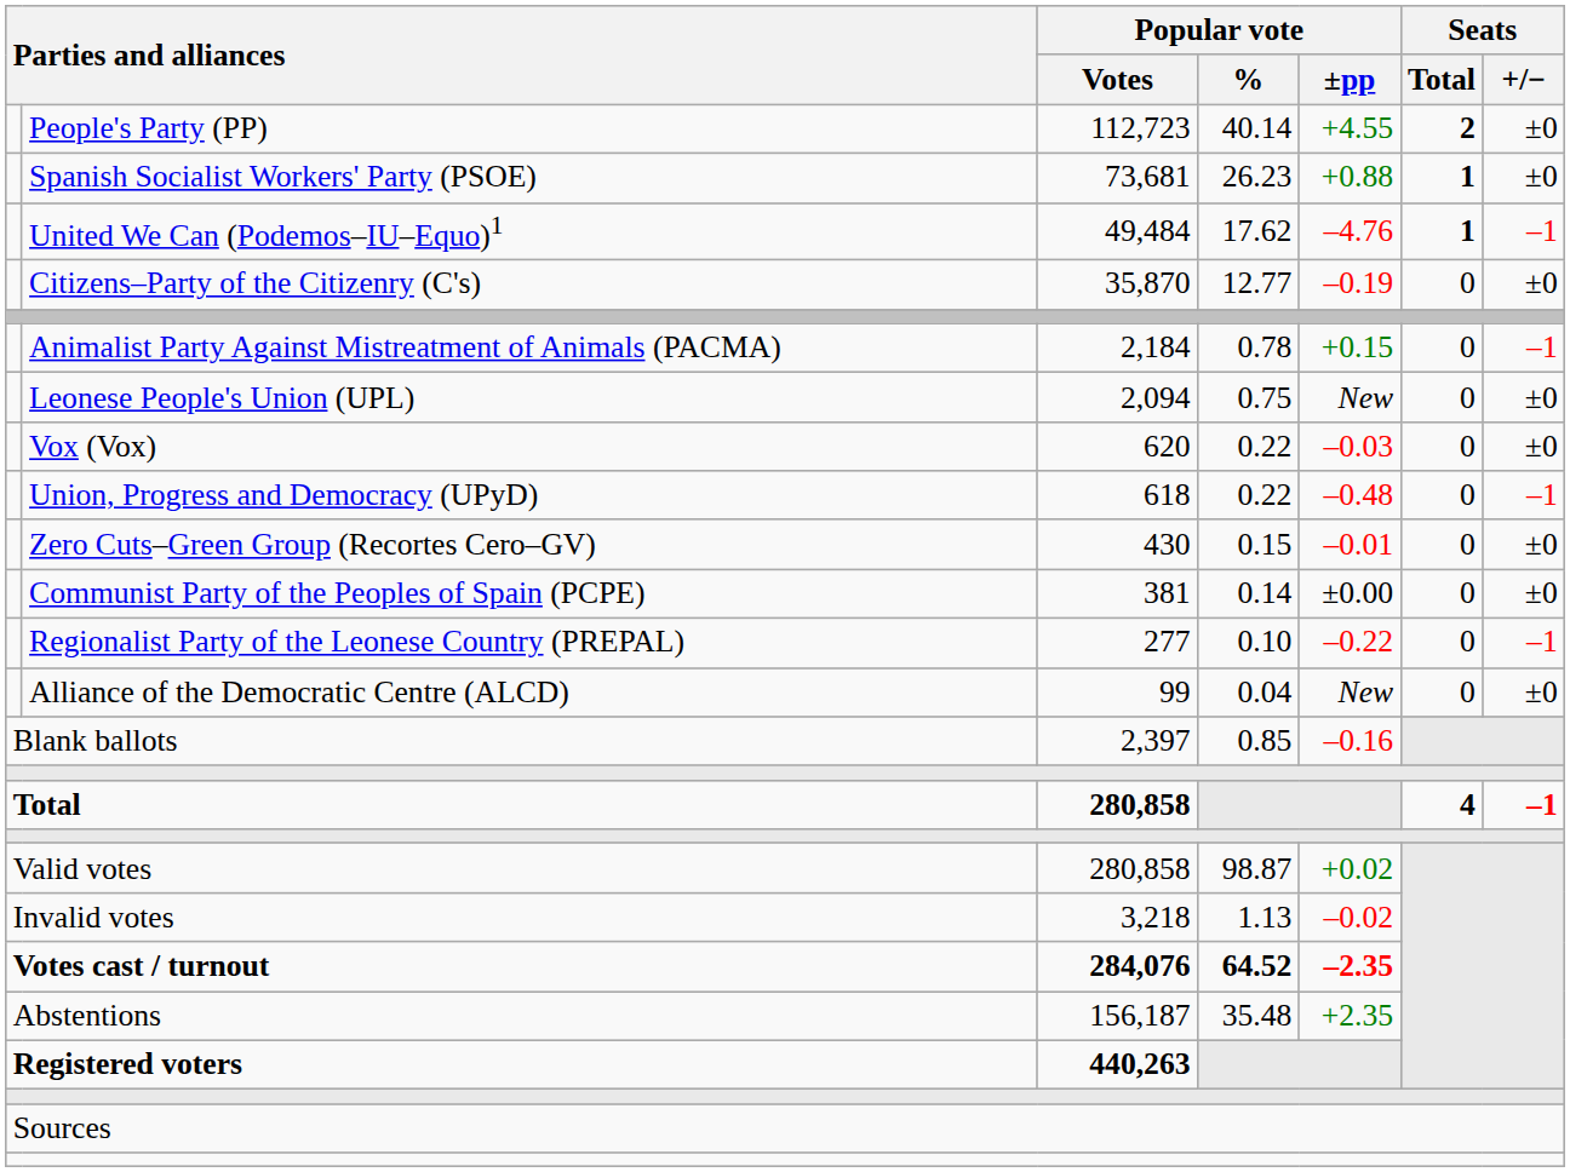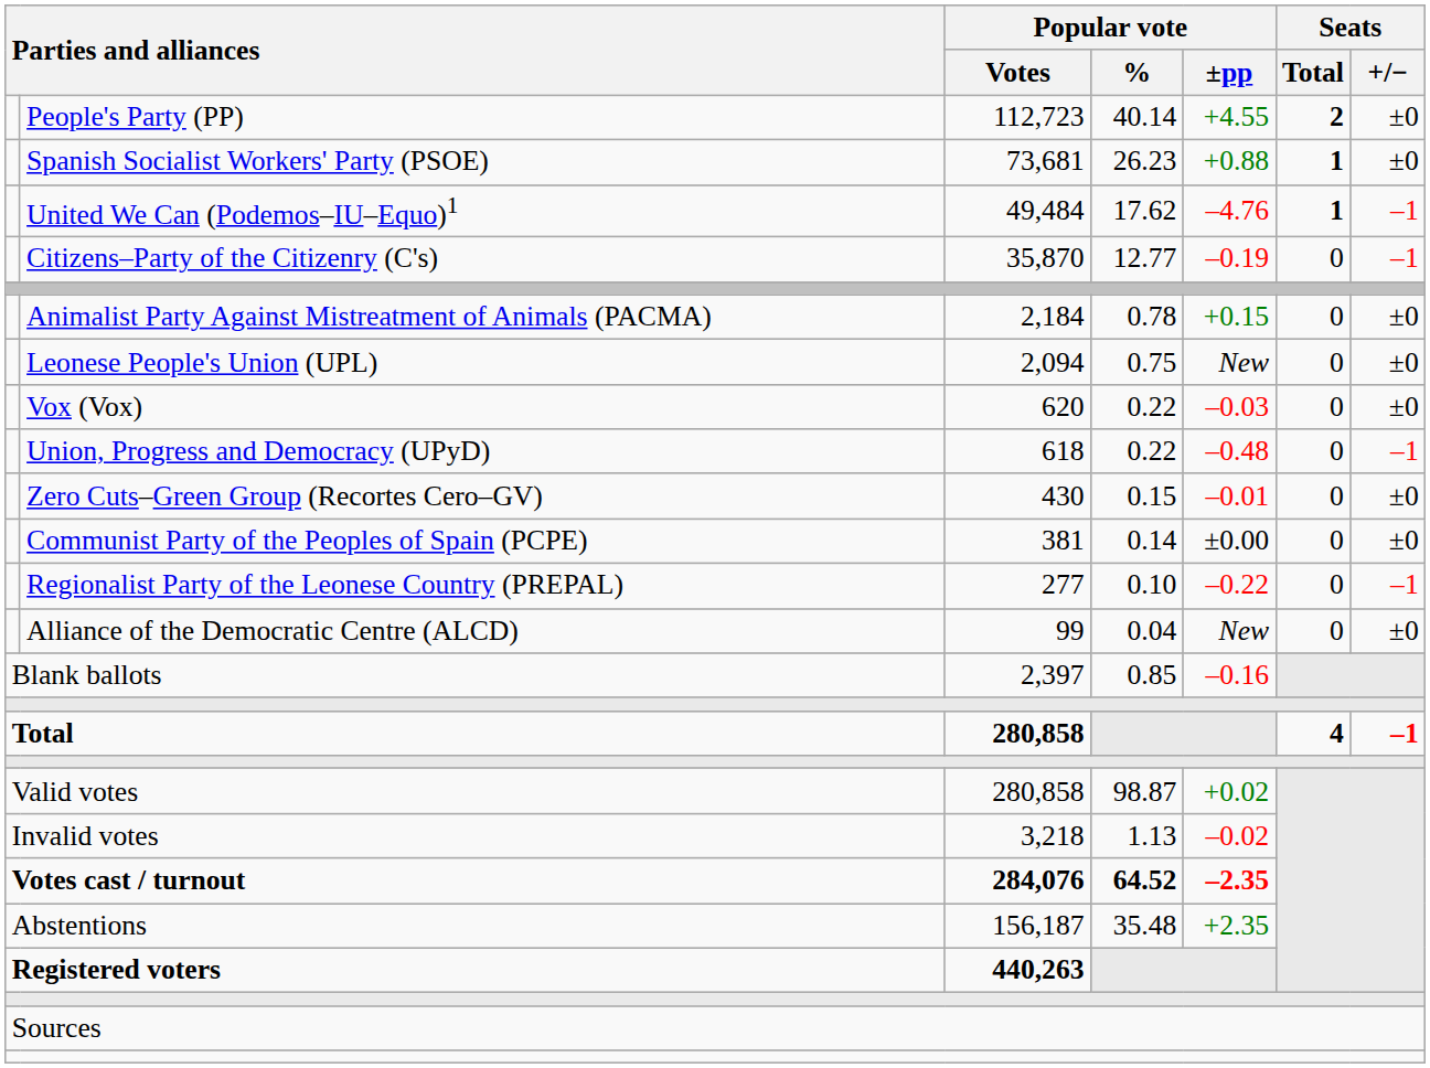 <table class="wikitable" style="text-align:right;">
 <tr>
 <th style="text-align:left;" rowspan="2" colspan="2" width="525">Parties and alliances</th>
 <th colspan="3">Popular vote</th>
 <th colspan="2">Seats</th>
 </tr>
 <tr>
 <th width="75">Votes</th>
 <th width="45">%</th>
 <th width="45">±<a href='#'>pp</a></th>
 <th width="35">Total</th>
 <th width="35">+/−</th>
 </tr>
 <tr>
 <td width="1" style="color:inherit;background:"></td>
 <td align="left"><a href='#'>People's Party</a> (PP)</td>
 <td>112,723</td>
 <td>40.14</td>
 <td style="color:green;">+4.55</td>
 <td><strong>2</strong></td>
 <td>±0</td>
 </tr>
 <tr>
 <td style="color:inherit;background:"></td>
 <td align="left"><a href='#'>Spanish Socialist Workers' Party</a> (PSOE)</td>
 <td>73,681</td>
 <td>26.23</td>
 <td style="color:green;">+0.88</td>
 <td><strong>1</strong></td>
 <td>±0</td>
 </tr>
 <tr>
 <td style="color:inherit;background:"></td>
 <td align="left"><a href='#'>United We Can</a> (<a href='#'>Podemos</a>–<a href='#'>IU</a>–<a href='#'>Equo</a>)<sup>1</sup></td>
 <td>49,484</td>
 <td>17.62</td>
 <td style="color:red;">–4.76</td>
 <td><strong>1</strong></td>
 <td style="color:red;">–1</td>
 </tr>
 <tr>
 <td style="color:inherit;background:"></td>
 <td align="left"><a href='#'>Citizens–Party of the Citizenry</a> (C's)</td>
 <td>35,870</td>
 <td>12.77</td>
 <td style="color:red;">–0.19</td>
 <td>0</td>
-<td>±0</td>
+<td style="color:red;">–1</td>
 </tr>
 <tr>
 <td colspan="7" bgcolor="#C0C0C0"></td>
 </tr>
 <tr>
 <td style="color:inherit;background:"></td>
 <td align="left"><a href='#'>Animalist Party Against Mistreatment of Animals</a> (PACMA)</td>
 <td>2,184</td>
 <td>0.78</td>
 <td style="color:green;">+0.15</td>
 <td>0</td>
-<td style="color:red;">–1</td>
+<td>±0</td>
 </tr>
 <tr>
 <td style="color:inherit;background:"></td>
 <td align="left"><a href='#'>Leonese People's Union</a> (UPL)</td>
 <td>2,094</td>
 <td>0.75</td>
 <td><em>New</em></td>
 <td>0</td>
 <td>±0</td>
 </tr>
 <tr>
 <td style="color:inherit;background:"></td>
 <td align="left"><a href='#'>Vox</a> (Vox)</td>
 <td>620</td>
 <td>0.22</td>
 <td style="color:red;">–0.03</td>
 <td>0</td>
 <td>±0</td>
 </tr>
 <tr>
 <td style="color:inherit;background:"></td>
 <td align="left"><a href='#'>Union, Progress and Democracy</a> (UPyD)</td>
 <td>618</td>
 <td>0.22</td>
 <td style="color:red;">–0.48</td>
 <td>0</td>
 <td style="color:red;">–1</td>
 </tr>
 <tr>
 <td style="color:inherit;background:"></td>
 <td align="left"><a href='#'>Zero Cuts</a>–<a href='#'>Green Group</a> (Recortes Cero–GV)</td>
 <td>430</td>
 <td>0.15</td>
 <td style="color:red;">–0.01</td>
 <td>0</td>
 <td>±0</td>
 </tr>
 <tr>
 <td style="color:inherit;background:"></td>
 <td align="left"><a href='#'>Communist Party of the Peoples of Spain</a> (PCPE)</td>
 <td>381</td>
 <td>0.14</td>
 <td>±0.00</td>
 <td>0</td>
 <td>±0</td>
 </tr>
 <tr>
 <td style="color:inherit;background:"></td>
 <td align="left"><a href='#'>Regionalist Party of the Leonese Country</a> (PREPAL)</td>
 <td>277</td>
 <td>0.10</td>
 <td style="color:red;">–0.22</td>
 <td>0</td>
 <td style="color:red;">–1</td>
 </tr>
 <tr>
 <td style="color:inherit;background:"></td>
 <td align="left">Alliance of the Democratic Centre (ALCD)</td>
 <td>99</td>
 <td>0.04</td>
 <td><em>New</em></td>
 <td>0</td>
 <td>±0</td>
 </tr>
 <tr>
 <td align="left" colspan="2">Blank ballots</td>
 <td>2,397</td>
 <td>0.85</td>
 <td style="color:red;">–0.16</td>
 <td bgcolor="#E9E9E9" colspan="2"></td>
 </tr>
 <tr>
 <td colspan="7" bgcolor="#E9E9E9"></td>
 </tr>
 <tr style="font-weight:bold;">
 <td align="left" colspan="2">Total</td>
 <td>280,858</td>
 <td bgcolor="#E9E9E9" colspan="2"></td>
 <td>4</td>
 <td style="color:red;">–1</td>
 </tr>
 <tr>
 <td colspan="7" bgcolor="#E9E9E9"></td>
 </tr>
 <tr>
 <td align="left" colspan="2">Valid votes</td>
 <td>280,858</td>
 <td>98.87</td>
 <td style="color:green;">+0.02</td>
 <td bgcolor="#E9E9E9" colspan="2" rowspan="5"></td>
 </tr>
 <tr>
 <td align="left" colspan="2">Invalid votes</td>
 <td>3,218</td>
 <td>1.13</td>
 <td style="color:red;">–0.02</td>
 </tr>
 <tr style="font-weight:bold;">
 <td align="left" colspan="2">Votes cast / turnout</td>
 <td>284,076</td>
 <td>64.52</td>
 <td style="color:red;">–2.35</td>
 </tr>
 <tr>
 <td align="left" colspan="2">Abstentions</td>
 <td>156,187</td>
 <td>35.48</td>
 <td style="color:green;">+2.35</td>
 </tr>
 <tr style="font-weight:bold;">
 <td align="left" colspan="2">Registered voters</td>
 <td>440,263</td>
 <td bgcolor="#E9E9E9" colspan="2"></td>
 </tr>
 <tr>
 <td colspan="7" bgcolor="#E9E9E9"></td>
 </tr>
 <tr>
 <td align="left" colspan="7">Sources</td>
 </tr>
 <tr>
 <td colspan="7" style="text-align:left; max-width:790px;"></td>
 </tr>
 </table>
